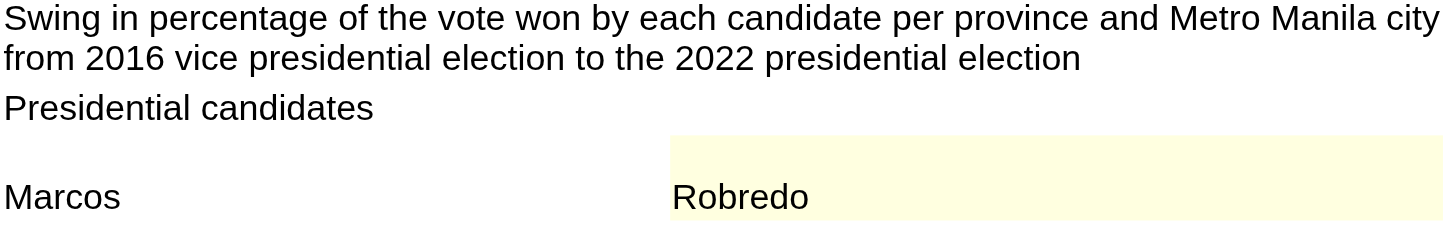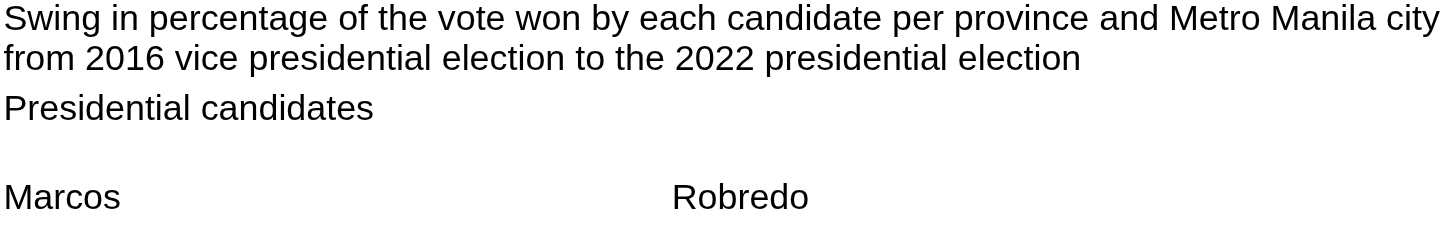 <table align="center">
 <tr>
 <td colspan="2">Swing in percentage of the vote won by each candidate per province and Metro Manila city<br>from 2016 vice presidential election to the 2022 presidential election</td>
 </tr>
 <tr>
 <td colspan="2">Presidential candidates</td>
 </tr>
 <tr>
 <td><br>Marcos</td>
-<td style="background: lightyellow;"><br>Robredo</td>
+<td><br>Robredo</td>
 </tr>
 </table>
